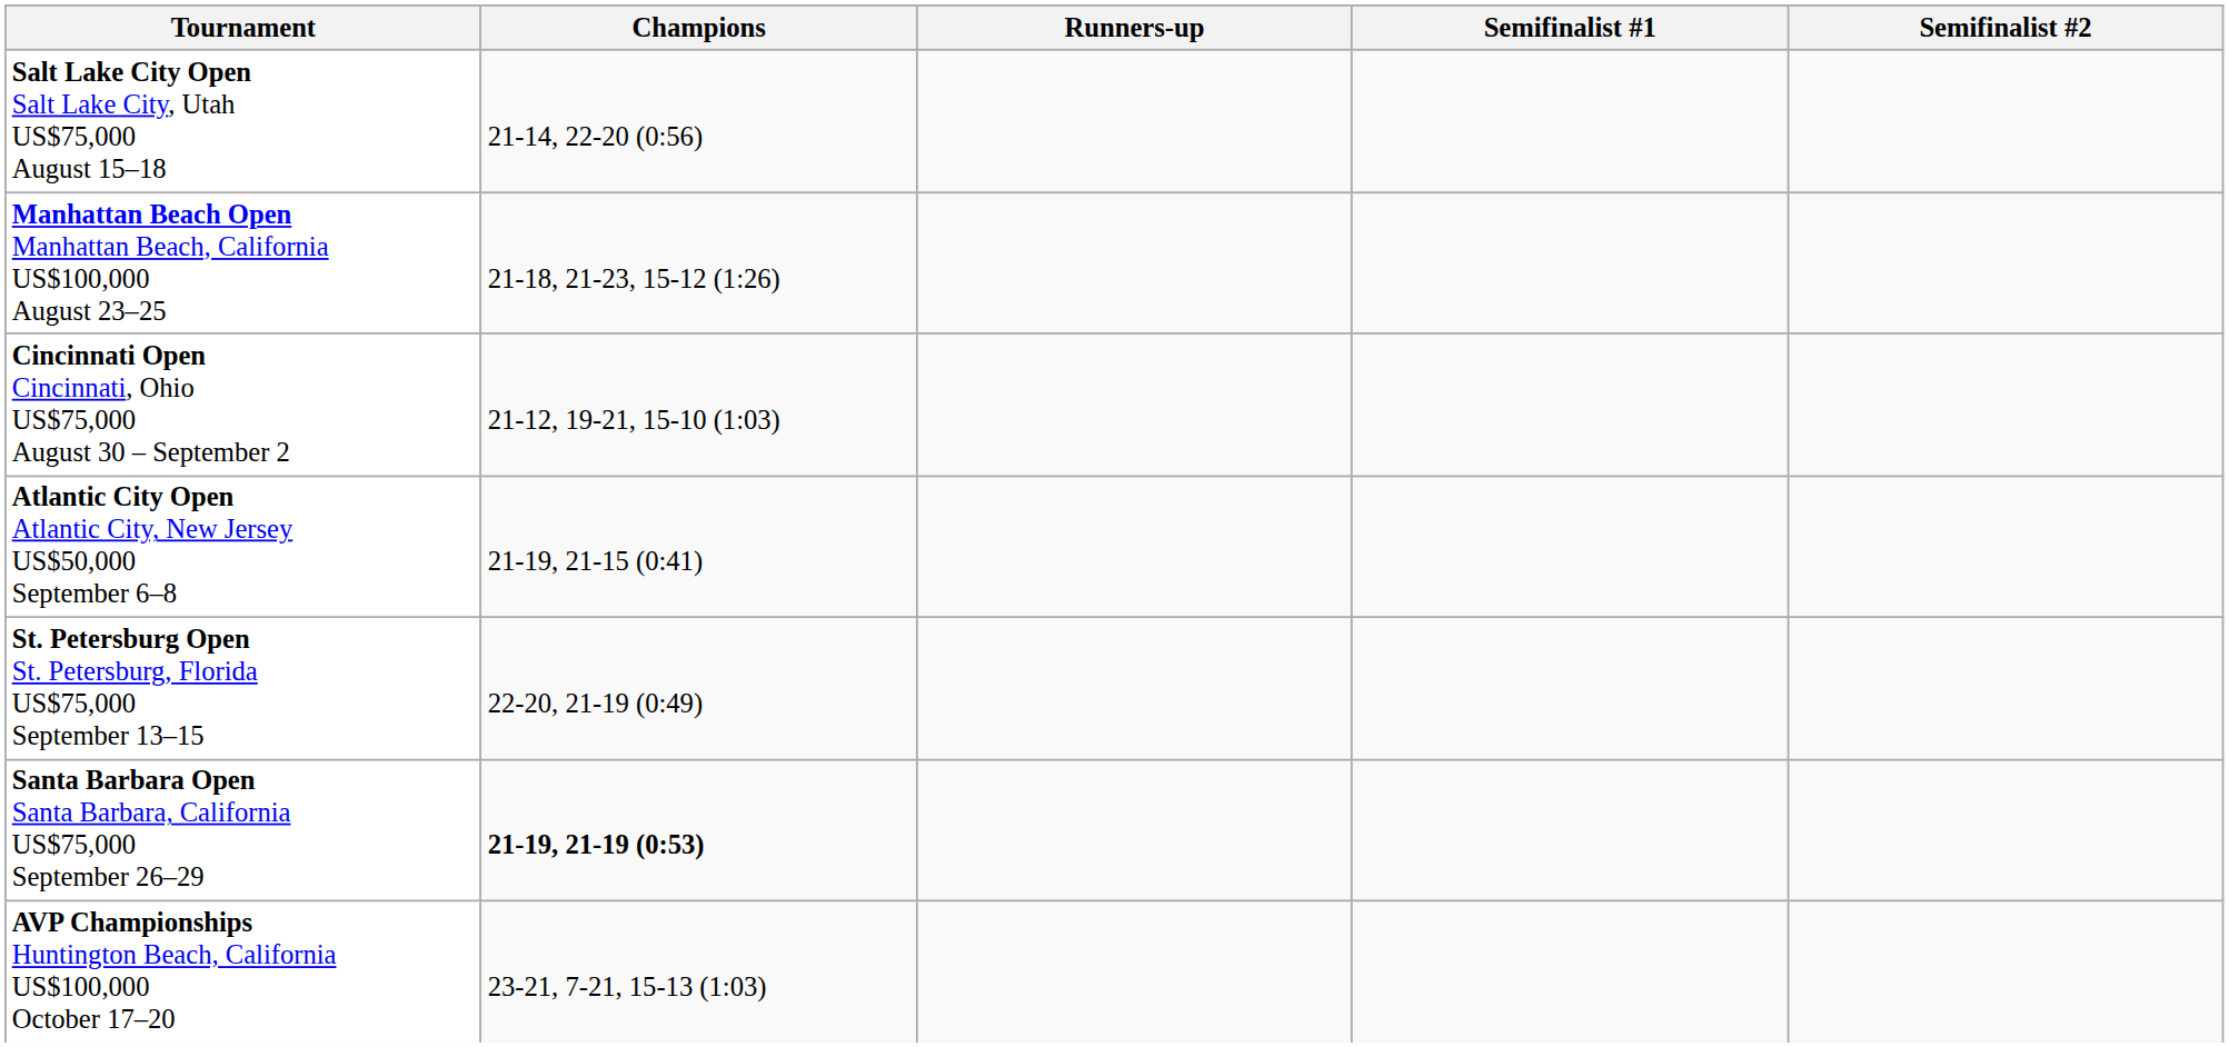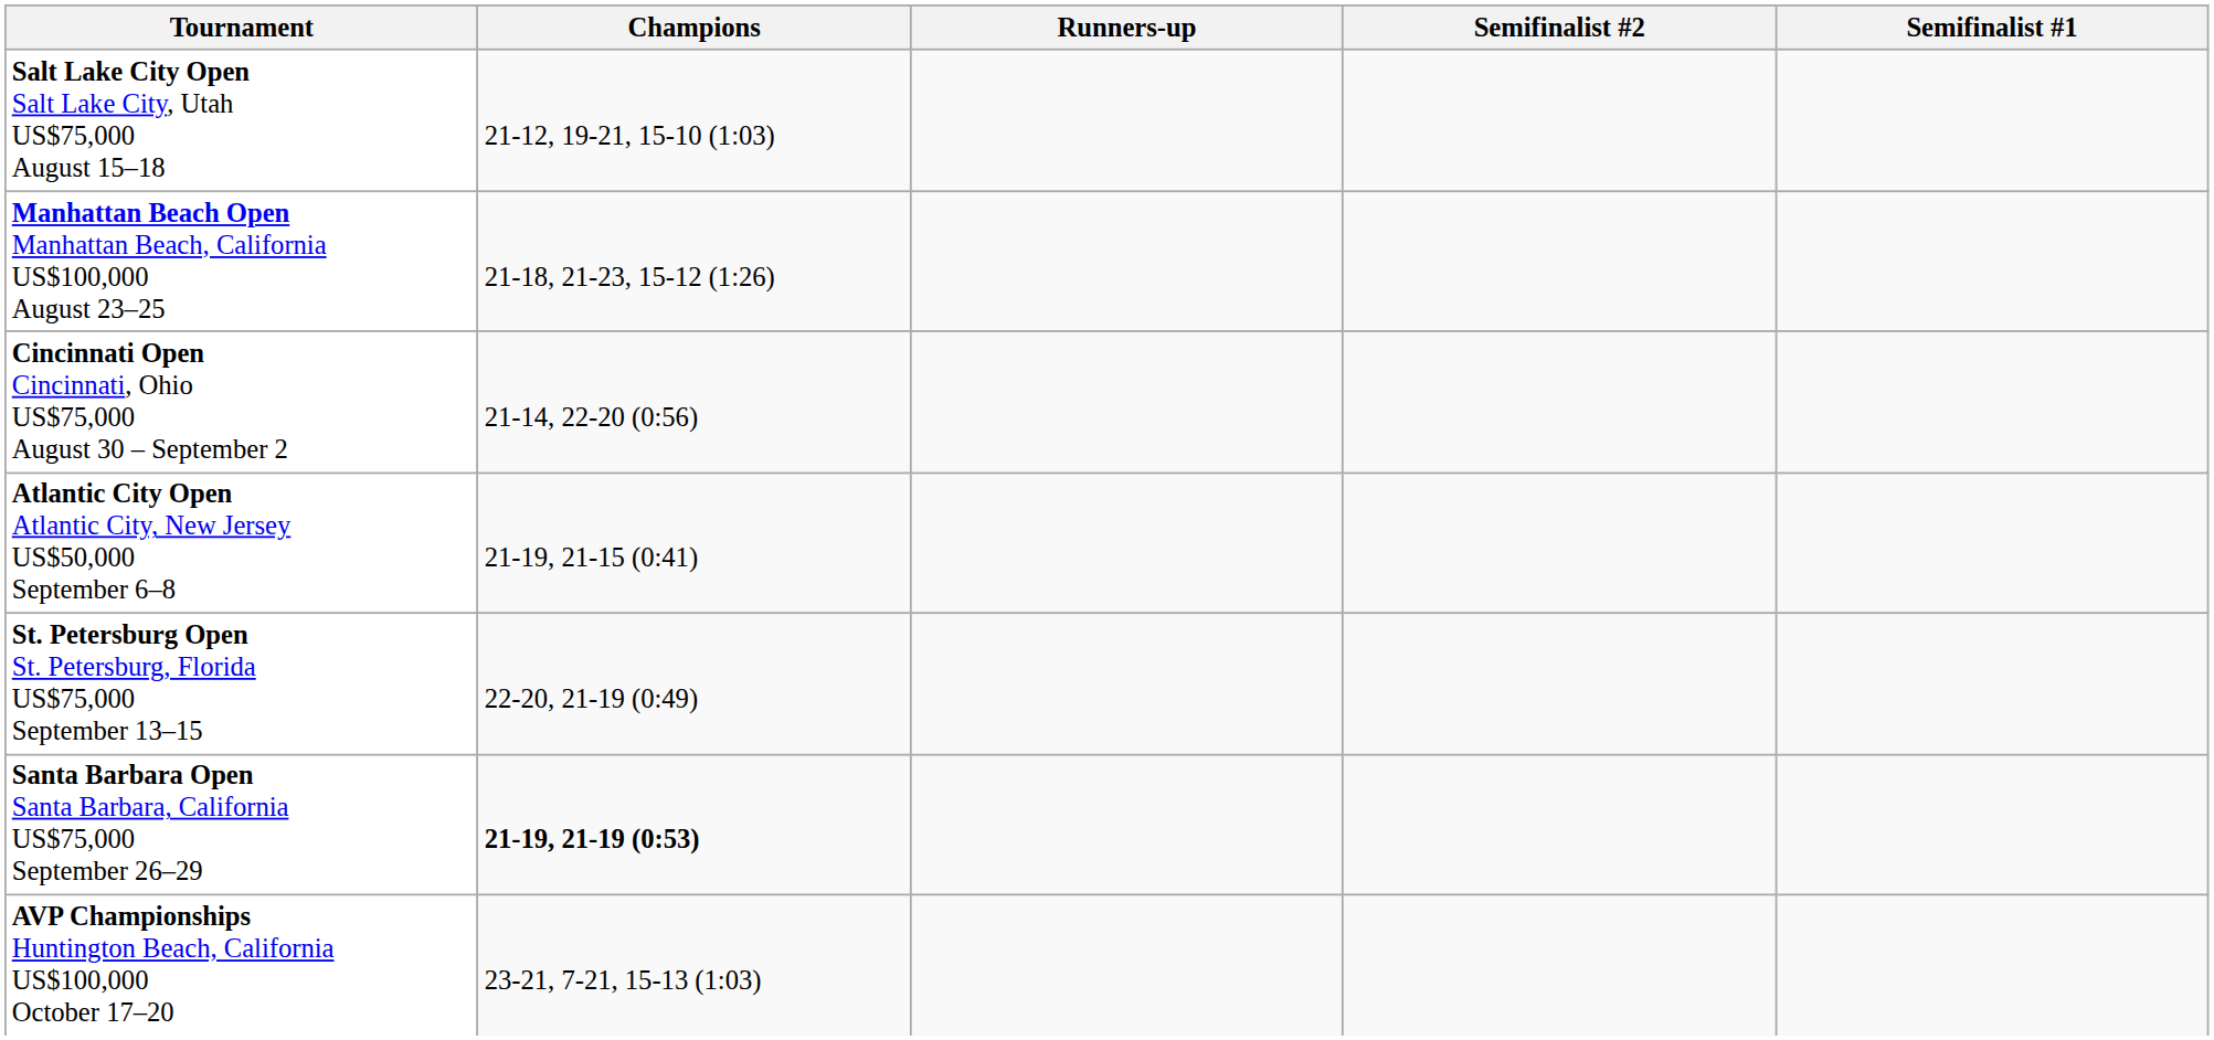 <table class=wikitable style=font-size:85%>
 <tr>
 <th width=230>Tournament</th>
 <th width=210>Champions</th>
 <th width=210>Runners-up</th>
+<th width=210>Semifinalist #2</th>
 <th width=210>Semifinalist #1</th>
-<th width=210>Semifinalist #2</th>
 </tr>
 <tr valign=top>
 <td style="background:#ffffff;"><strong>Salt Lake City Open</strong><br><a href='#'>Salt Lake City</a>, Utah<br>US$75,000<br>August 15–18</td>
-<td><br><br>21-14, 22-20 (0:56)</td>
+<td><br><br>21-12, 19-21, 15-10 (1:03)</td>
 <td><br></td>
 <td><br></td>
 <td><br></td>
 </tr>
 <tr valign=top>
 <td style="background:#ffffff;"><strong><a href='#'>Manhattan Beach Open</a></strong><br><a href='#'>Manhattan Beach, California</a><br>US$100,000<br>August 23–25</td>
 <td><br><br>21-18, 21-23, 15-12 (1:26)</td>
 <td><br></td>
 <td><br></td>
 <td><br></td>
 </tr>
 <tr valign=top>
 <td style="background:#ffffff;"><strong>Cincinnati Open</strong><br><a href='#'>Cincinnati</a>, Ohio<br>US$75,000<br>August 30 – September 2</td>
-<td><br><br>21-12, 19-21, 15-10 (1:03)</td>
+<td><br><br>21-14, 22-20 (0:56)</td>
 <td><br></td>
 <td><br></td>
 <td><br></td>
 </tr>
 <tr valign=top>
 <td style="background:#ffffff;"><strong>Atlantic City Open</strong><br><a href='#'>Atlantic City, New Jersey</a><br>US$50,000<br>September 6–8</td>
 <td><br><br>21-19, 21-15 (0:41)</td>
 <td><br></td>
 <td><br></td>
 <td><br></td>
 </tr>
 <tr valign=top>
 <td style="background:#ffffff;"><strong>St. Petersburg Open</strong><br><a href='#'>St. Petersburg, Florida</a><br>US$75,000<br>September 13–15</td>
 <td><br><br>22-20, 21-19 (0:49)</td>
 <td><br></td>
 <td><br></td>
 <td><br></td>
 </tr>
 <tr valign=top>
 <td style="background:#ffffff;"><strong>Santa Barbara Open</strong><br><a href='#'>Santa Barbara, California</a><br>US$75,000<br>September 26–29</td>
 <td><strong><br><br>21-19, 21-19 (0:53)</strong></td>
 <td><br></td>
 <td><br></td>
 <td><br></td>
 </tr>
 <tr valign=top>
 <td style="background:#ffffff;"><strong>AVP Championships</strong><br><a href='#'>Huntington Beach, California</a><br>US$100,000<br>October 17–20</td>
 <td><br><br>23-21, 7-21, 15-13 (1:03)</td>
 <td><br></td>
 <td><br></td>
 <td><br></td>
 </tr>
 </table>
